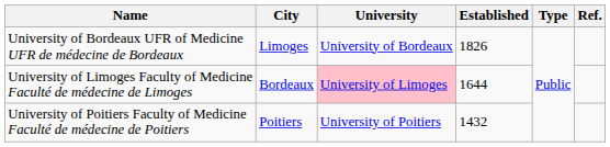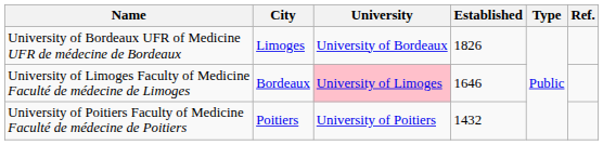 <table class="wikitable">
 <tr>
 <th>Name</th>
 <th>City</th>
 <th>University</th>
 <th>Established</th>
 <th>Type</th>
 <th>Ref.</th>
 </tr>
 <tr>
 <td>University of Bordeaux UFR of Medicine<br><em>UFR de médecine de Bordeaux</em></td>
 <td><a href='#'>Limoges</a></td>
 <td><a href='#'>University of Bordeaux</a></td>
 <td>1826</td>
 <td rowspan="3"><a href='#'>Public</a></td>
 <td></td>
 </tr>
 <tr>
 <td>University of Limoges Faculty of Medicine<br><em>Faculté de médecine de Limoges</em></td>
 <td><a href='#'>Bordeaux</a></td>
 <td style="background: pink;"><a href='#'>University of Limoges</a></td>
-<td>1644</td>
+<td>1646</td>
 <td></td>
 </tr>
 <tr>
 <td>University of Poitiers Faculty of Medicine<br><em>Faculté de médecine de Poitiers</em></td>
 <td><a href='#'>Poitiers</a></td>
 <td><a href='#'>University of Poitiers</a></td>
 <td>1432</td>
 <td></td>
 </tr>
 </table>
